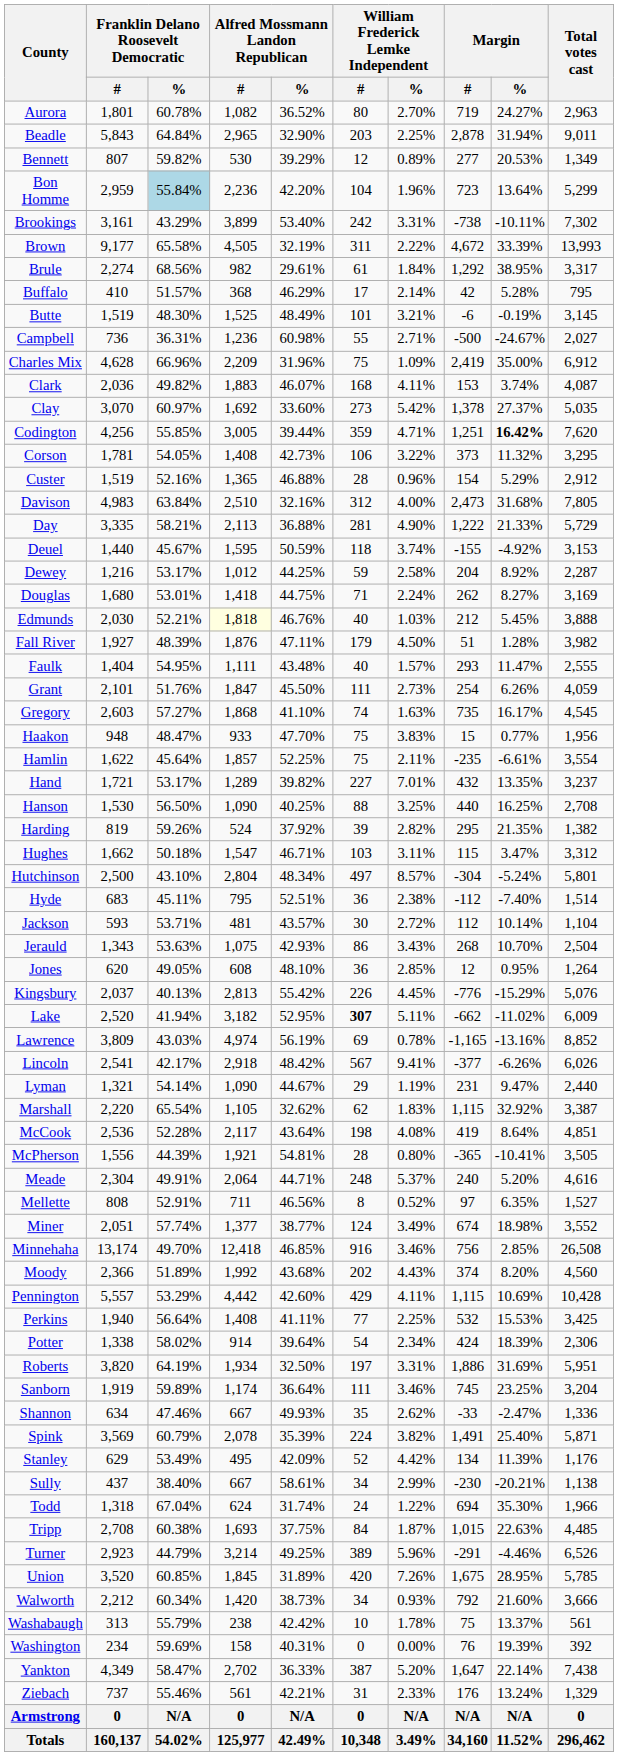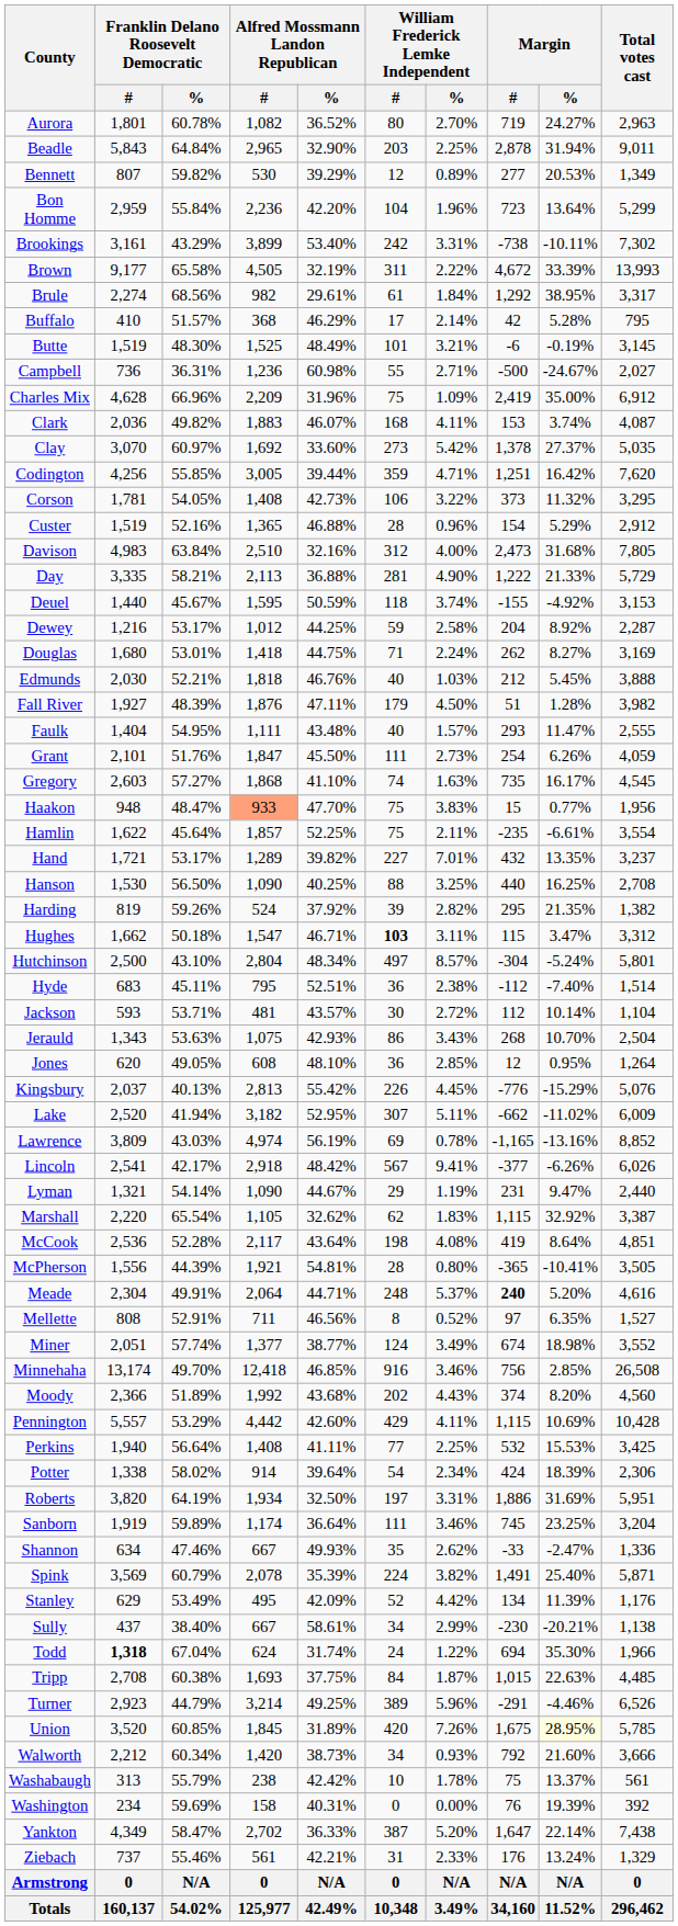 <table class="wikitable sortable" width="75%">
 <tr>
 <th rowspan="2">County</th>
 <th colspan="2">Franklin Delano Roosevelt<br>Democratic</th>
 <th colspan="2">Alfred Mossmann Landon<br>Republican</th>
 <th colspan="2">William Frederick Lemke<br>Independent</th>
 <th colspan="2">Margin</th>
 <th rowspan="2">Total votes cast</th>
 </tr>
 <tr style="text-align:center;">
 <th data-sort-type="number">#</th>
 <th data-sort-type="number">%</th>
 <th data-sort-type="number">#</th>
 <th data-sort-type="number">%</th>
 <th data-sort-type="number">#</th>
 <th data-sort-type="number">%</th>
 <th data-sort-type="number">#</th>
 <th data-sort-type="number">%</th>
 </tr>
 <tr style="text-align:center;">
 <td><a href='#'>Aurora</a></td>
 <td>1,801</td>
 <td>60.78%</td>
 <td>1,082</td>
 <td>36.52%</td>
 <td>80</td>
 <td>2.70%</td>
 <td>719</td>
 <td>24.27%</td>
 <td>2,963</td>
 </tr>
 <tr style="text-align:center;">
 <td><a href='#'>Beadle</a></td>
 <td>5,843</td>
 <td>64.84%</td>
 <td>2,965</td>
 <td>32.90%</td>
 <td>203</td>
 <td>2.25%</td>
 <td>2,878</td>
 <td>31.94%</td>
 <td>9,011</td>
 </tr>
 <tr style="text-align:center;">
 <td><a href='#'>Bennett</a></td>
 <td>807</td>
 <td>59.82%</td>
 <td>530</td>
 <td>39.29%</td>
 <td>12</td>
 <td>0.89%</td>
 <td>277</td>
 <td>20.53%</td>
 <td>1,349</td>
 </tr>
 <tr style="text-align:center;">
 <td><a href='#'>Bon Homme</a></td>
 <td>2,959</td>
-<td style="background: lightblue;">55.84%</td>
+<td>55.84%</td>
 <td>2,236</td>
 <td>42.20%</td>
 <td>104</td>
 <td>1.96%</td>
 <td>723</td>
 <td>13.64%</td>
 <td>5,299</td>
 </tr>
 <tr style="text-align:center;">
 <td><a href='#'>Brookings</a></td>
 <td>3,161</td>
 <td>43.29%</td>
 <td>3,899</td>
 <td>53.40%</td>
 <td>242</td>
 <td>3.31%</td>
 <td>-738</td>
 <td>-10.11%</td>
 <td>7,302</td>
 </tr>
 <tr style="text-align:center;">
 <td><a href='#'>Brown</a></td>
 <td>9,177</td>
 <td>65.58%</td>
 <td>4,505</td>
 <td>32.19%</td>
 <td>311</td>
 <td>2.22%</td>
 <td>4,672</td>
 <td>33.39%</td>
 <td>13,993</td>
 </tr>
 <tr style="text-align:center;">
 <td><a href='#'>Brule</a></td>
 <td>2,274</td>
 <td>68.56%</td>
 <td>982</td>
 <td>29.61%</td>
 <td>61</td>
 <td>1.84%</td>
 <td>1,292</td>
 <td>38.95%</td>
 <td>3,317</td>
 </tr>
 <tr style="text-align:center;">
 <td><a href='#'>Buffalo</a></td>
 <td>410</td>
 <td>51.57%</td>
 <td>368</td>
 <td>46.29%</td>
 <td>17</td>
 <td>2.14%</td>
 <td>42</td>
 <td>5.28%</td>
 <td>795</td>
 </tr>
 <tr style="text-align:center;">
 <td><a href='#'>Butte</a></td>
 <td>1,519</td>
 <td>48.30%</td>
 <td>1,525</td>
 <td>48.49%</td>
 <td>101</td>
 <td>3.21%</td>
 <td>-6</td>
 <td>-0.19%</td>
 <td>3,145</td>
 </tr>
 <tr style="text-align:center;">
 <td><a href='#'>Campbell</a></td>
 <td>736</td>
 <td>36.31%</td>
 <td>1,236</td>
 <td>60.98%</td>
 <td>55</td>
 <td>2.71%</td>
 <td>-500</td>
 <td>-24.67%</td>
 <td>2,027</td>
 </tr>
 <tr style="text-align:center;">
 <td><a href='#'>Charles Mix</a></td>
 <td>4,628</td>
 <td>66.96%</td>
 <td>2,209</td>
 <td>31.96%</td>
 <td>75</td>
 <td>1.09%</td>
 <td>2,419</td>
 <td>35.00%</td>
 <td>6,912</td>
 </tr>
 <tr style="text-align:center;">
 <td><a href='#'>Clark</a></td>
 <td>2,036</td>
 <td>49.82%</td>
 <td>1,883</td>
 <td>46.07%</td>
 <td>168</td>
 <td>4.11%</td>
 <td>153</td>
 <td>3.74%</td>
 <td>4,087</td>
 </tr>
 <tr style="text-align:center;">
 <td><a href='#'>Clay</a></td>
 <td>3,070</td>
 <td>60.97%</td>
 <td>1,692</td>
 <td>33.60%</td>
 <td>273</td>
 <td>5.42%</td>
 <td>1,378</td>
 <td>27.37%</td>
 <td>5,035</td>
 </tr>
 <tr style="text-align:center;">
 <td><a href='#'>Codington</a></td>
 <td>4,256</td>
 <td>55.85%</td>
 <td>3,005</td>
 <td>39.44%</td>
 <td>359</td>
 <td>4.71%</td>
 <td>1,251</td>
-<td><strong>16.42%</strong></td>
+<td>16.42%</td>
 <td>7,620</td>
 </tr>
 <tr style="text-align:center;">
 <td><a href='#'>Corson</a></td>
 <td>1,781</td>
 <td>54.05%</td>
 <td>1,408</td>
 <td>42.73%</td>
 <td>106</td>
 <td>3.22%</td>
 <td>373</td>
 <td>11.32%</td>
 <td>3,295</td>
 </tr>
 <tr style="text-align:center;">
 <td><a href='#'>Custer</a></td>
 <td>1,519</td>
 <td>52.16%</td>
 <td>1,365</td>
 <td>46.88%</td>
 <td>28</td>
 <td>0.96%</td>
 <td>154</td>
 <td>5.29%</td>
 <td>2,912</td>
 </tr>
 <tr style="text-align:center;">
 <td><a href='#'>Davison</a></td>
 <td>4,983</td>
 <td>63.84%</td>
 <td>2,510</td>
 <td>32.16%</td>
 <td>312</td>
 <td>4.00%</td>
 <td>2,473</td>
 <td>31.68%</td>
 <td>7,805</td>
 </tr>
 <tr style="text-align:center;">
 <td><a href='#'>Day</a></td>
 <td>3,335</td>
 <td>58.21%</td>
 <td>2,113</td>
 <td>36.88%</td>
 <td>281</td>
 <td>4.90%</td>
 <td>1,222</td>
 <td>21.33%</td>
 <td>5,729</td>
 </tr>
 <tr style="text-align:center;">
 <td><a href='#'>Deuel</a></td>
 <td>1,440</td>
 <td>45.67%</td>
 <td>1,595</td>
 <td>50.59%</td>
 <td>118</td>
 <td>3.74%</td>
 <td>-155</td>
 <td>-4.92%</td>
 <td>3,153</td>
 </tr>
 <tr style="text-align:center;">
 <td><a href='#'>Dewey</a></td>
 <td>1,216</td>
 <td>53.17%</td>
 <td>1,012</td>
 <td>44.25%</td>
 <td>59</td>
 <td>2.58%</td>
 <td>204</td>
 <td>8.92%</td>
 <td>2,287</td>
 </tr>
 <tr style="text-align:center;">
 <td><a href='#'>Douglas</a></td>
 <td>1,680</td>
 <td>53.01%</td>
 <td>1,418</td>
 <td>44.75%</td>
 <td>71</td>
 <td>2.24%</td>
 <td>262</td>
 <td>8.27%</td>
 <td>3,169</td>
 </tr>
 <tr style="text-align:center;">
 <td><a href='#'>Edmunds</a></td>
 <td>2,030</td>
 <td>52.21%</td>
-<td style="background: lightyellow;">1,818</td>
+<td>1,818</td>
 <td>46.76%</td>
 <td>40</td>
 <td>1.03%</td>
 <td>212</td>
 <td>5.45%</td>
 <td>3,888</td>
 </tr>
 <tr style="text-align:center;">
 <td><a href='#'>Fall River</a></td>
 <td>1,927</td>
 <td>48.39%</td>
 <td>1,876</td>
 <td>47.11%</td>
 <td>179</td>
 <td>4.50%</td>
 <td>51</td>
 <td>1.28%</td>
 <td>3,982</td>
 </tr>
 <tr style="text-align:center;">
 <td><a href='#'>Faulk</a></td>
 <td>1,404</td>
 <td>54.95%</td>
 <td>1,111</td>
 <td>43.48%</td>
 <td>40</td>
 <td>1.57%</td>
 <td>293</td>
 <td>11.47%</td>
 <td>2,555</td>
 </tr>
 <tr style="text-align:center;">
 <td><a href='#'>Grant</a></td>
 <td>2,101</td>
 <td>51.76%</td>
 <td>1,847</td>
 <td>45.50%</td>
 <td>111</td>
 <td>2.73%</td>
 <td>254</td>
 <td>6.26%</td>
 <td>4,059</td>
 </tr>
 <tr style="text-align:center;">
 <td><a href='#'>Gregory</a></td>
 <td>2,603</td>
 <td>57.27%</td>
 <td>1,868</td>
 <td>41.10%</td>
 <td>74</td>
 <td>1.63%</td>
 <td>735</td>
 <td>16.17%</td>
 <td>4,545</td>
 </tr>
 <tr style="text-align:center;">
 <td><a href='#'>Haakon</a></td>
 <td>948</td>
 <td>48.47%</td>
-<td>933</td>
+<td style="background: lightsalmon;">933</td>
 <td>47.70%</td>
 <td>75</td>
 <td>3.83%</td>
 <td>15</td>
 <td>0.77%</td>
 <td>1,956</td>
 </tr>
 <tr style="text-align:center;">
 <td><a href='#'>Hamlin</a></td>
 <td>1,622</td>
 <td>45.64%</td>
 <td>1,857</td>
 <td>52.25%</td>
 <td>75</td>
 <td>2.11%</td>
 <td>-235</td>
 <td>-6.61%</td>
 <td>3,554</td>
 </tr>
 <tr style="text-align:center;">
 <td><a href='#'>Hand</a></td>
 <td>1,721</td>
 <td>53.17%</td>
 <td>1,289</td>
 <td>39.82%</td>
 <td>227</td>
 <td>7.01%</td>
 <td>432</td>
 <td>13.35%</td>
 <td>3,237</td>
 </tr>
 <tr style="text-align:center;">
 <td><a href='#'>Hanson</a></td>
 <td>1,530</td>
 <td>56.50%</td>
 <td>1,090</td>
 <td>40.25%</td>
 <td>88</td>
 <td>3.25%</td>
 <td>440</td>
 <td>16.25%</td>
 <td>2,708</td>
 </tr>
 <tr style="text-align:center;">
 <td><a href='#'>Harding</a></td>
 <td>819</td>
 <td>59.26%</td>
 <td>524</td>
 <td>37.92%</td>
 <td>39</td>
 <td>2.82%</td>
 <td>295</td>
 <td>21.35%</td>
 <td>1,382</td>
 </tr>
 <tr style="text-align:center;">
 <td><a href='#'>Hughes</a></td>
 <td>1,662</td>
 <td>50.18%</td>
 <td>1,547</td>
 <td>46.71%</td>
-<td>103</td>
+<td><strong>103</strong></td>
 <td>3.11%</td>
 <td>115</td>
 <td>3.47%</td>
 <td>3,312</td>
 </tr>
 <tr style="text-align:center;">
 <td><a href='#'>Hutchinson</a></td>
 <td>2,500</td>
 <td>43.10%</td>
 <td>2,804</td>
 <td>48.34%</td>
 <td>497</td>
 <td>8.57%</td>
 <td>-304</td>
 <td>-5.24%</td>
 <td>5,801</td>
 </tr>
 <tr style="text-align:center;">
 <td><a href='#'>Hyde</a></td>
 <td>683</td>
 <td>45.11%</td>
 <td>795</td>
 <td>52.51%</td>
 <td>36</td>
 <td>2.38%</td>
 <td>-112</td>
 <td>-7.40%</td>
 <td>1,514</td>
 </tr>
 <tr style="text-align:center;">
 <td><a href='#'>Jackson</a></td>
 <td>593</td>
 <td>53.71%</td>
 <td>481</td>
 <td>43.57%</td>
 <td>30</td>
 <td>2.72%</td>
 <td>112</td>
 <td>10.14%</td>
 <td>1,104</td>
 </tr>
 <tr style="text-align:center;">
 <td><a href='#'>Jerauld</a></td>
 <td>1,343</td>
 <td>53.63%</td>
 <td>1,075</td>
 <td>42.93%</td>
 <td>86</td>
 <td>3.43%</td>
 <td>268</td>
 <td>10.70%</td>
 <td>2,504</td>
 </tr>
 <tr style="text-align:center;">
 <td><a href='#'>Jones</a></td>
 <td>620</td>
 <td>49.05%</td>
 <td>608</td>
 <td>48.10%</td>
 <td>36</td>
 <td>2.85%</td>
 <td>12</td>
 <td>0.95%</td>
 <td>1,264</td>
 </tr>
 <tr style="text-align:center;">
 <td><a href='#'>Kingsbury</a></td>
 <td>2,037</td>
 <td>40.13%</td>
 <td>2,813</td>
 <td>55.42%</td>
 <td>226</td>
 <td>4.45%</td>
 <td>-776</td>
 <td>-15.29%</td>
 <td>5,076</td>
 </tr>
 <tr style="text-align:center;">
 <td><a href='#'>Lake</a></td>
 <td>2,520</td>
 <td>41.94%</td>
 <td>3,182</td>
 <td>52.95%</td>
-<td><strong>307</strong></td>
+<td>307</td>
 <td>5.11%</td>
 <td>-662</td>
 <td>-11.02%</td>
 <td>6,009</td>
 </tr>
 <tr style="text-align:center;">
 <td><a href='#'>Lawrence</a></td>
 <td>3,809</td>
 <td>43.03%</td>
 <td>4,974</td>
 <td>56.19%</td>
 <td>69</td>
 <td>0.78%</td>
 <td>-1,165</td>
 <td>-13.16%</td>
 <td>8,852</td>
 </tr>
 <tr style="text-align:center;">
 <td><a href='#'>Lincoln</a></td>
 <td>2,541</td>
 <td>42.17%</td>
 <td>2,918</td>
 <td>48.42%</td>
 <td>567</td>
 <td>9.41%</td>
 <td>-377</td>
 <td>-6.26%</td>
 <td>6,026</td>
 </tr>
 <tr style="text-align:center;">
 <td><a href='#'>Lyman</a></td>
 <td>1,321</td>
 <td>54.14%</td>
 <td>1,090</td>
 <td>44.67%</td>
 <td>29</td>
 <td>1.19%</td>
 <td>231</td>
 <td>9.47%</td>
 <td>2,440</td>
 </tr>
 <tr style="text-align:center;">
 <td><a href='#'>Marshall</a></td>
 <td>2,220</td>
 <td>65.54%</td>
 <td>1,105</td>
 <td>32.62%</td>
 <td>62</td>
 <td>1.83%</td>
 <td>1,115</td>
 <td>32.92%</td>
 <td>3,387</td>
 </tr>
 <tr style="text-align:center;">
 <td><a href='#'>McCook</a></td>
 <td>2,536</td>
 <td>52.28%</td>
 <td>2,117</td>
 <td>43.64%</td>
 <td>198</td>
 <td>4.08%</td>
 <td>419</td>
 <td>8.64%</td>
 <td>4,851</td>
 </tr>
 <tr style="text-align:center;">
 <td><a href='#'>McPherson</a></td>
 <td>1,556</td>
 <td>44.39%</td>
 <td>1,921</td>
 <td>54.81%</td>
 <td>28</td>
 <td>0.80%</td>
 <td>-365</td>
 <td>-10.41%</td>
 <td>3,505</td>
 </tr>
 <tr style="text-align:center;">
 <td><a href='#'>Meade</a></td>
 <td>2,304</td>
 <td>49.91%</td>
 <td>2,064</td>
 <td>44.71%</td>
 <td>248</td>
 <td>5.37%</td>
-<td>240</td>
+<td><strong>240</strong></td>
 <td>5.20%</td>
 <td>4,616</td>
 </tr>
 <tr style="text-align:center;">
 <td><a href='#'>Mellette</a></td>
 <td>808</td>
 <td>52.91%</td>
 <td>711</td>
 <td>46.56%</td>
 <td>8</td>
 <td>0.52%</td>
 <td>97</td>
 <td>6.35%</td>
 <td>1,527</td>
 </tr>
 <tr style="text-align:center;">
 <td><a href='#'>Miner</a></td>
 <td>2,051</td>
 <td>57.74%</td>
 <td>1,377</td>
 <td>38.77%</td>
 <td>124</td>
 <td>3.49%</td>
 <td>674</td>
 <td>18.98%</td>
 <td>3,552</td>
 </tr>
 <tr style="text-align:center;">
 <td><a href='#'>Minnehaha</a></td>
 <td>13,174</td>
 <td>49.70%</td>
 <td>12,418</td>
 <td>46.85%</td>
 <td>916</td>
 <td>3.46%</td>
 <td>756</td>
 <td>2.85%</td>
 <td>26,508</td>
 </tr>
 <tr style="text-align:center;">
 <td><a href='#'>Moody</a></td>
 <td>2,366</td>
 <td>51.89%</td>
 <td>1,992</td>
 <td>43.68%</td>
 <td>202</td>
 <td>4.43%</td>
 <td>374</td>
 <td>8.20%</td>
 <td>4,560</td>
 </tr>
 <tr style="text-align:center;">
 <td><a href='#'>Pennington</a></td>
 <td>5,557</td>
 <td>53.29%</td>
 <td>4,442</td>
 <td>42.60%</td>
 <td>429</td>
 <td>4.11%</td>
 <td>1,115</td>
 <td>10.69%</td>
 <td>10,428</td>
 </tr>
 <tr style="text-align:center;">
 <td><a href='#'>Perkins</a></td>
 <td>1,940</td>
 <td>56.64%</td>
 <td>1,408</td>
 <td>41.11%</td>
 <td>77</td>
 <td>2.25%</td>
 <td>532</td>
 <td>15.53%</td>
 <td>3,425</td>
 </tr>
 <tr style="text-align:center;">
 <td><a href='#'>Potter</a></td>
 <td>1,338</td>
 <td>58.02%</td>
 <td>914</td>
 <td>39.64%</td>
 <td>54</td>
 <td>2.34%</td>
 <td>424</td>
 <td>18.39%</td>
 <td>2,306</td>
 </tr>
 <tr style="text-align:center;">
 <td><a href='#'>Roberts</a></td>
 <td>3,820</td>
 <td>64.19%</td>
 <td>1,934</td>
 <td>32.50%</td>
 <td>197</td>
 <td>3.31%</td>
 <td>1,886</td>
 <td>31.69%</td>
 <td>5,951</td>
 </tr>
 <tr style="text-align:center;">
 <td><a href='#'>Sanborn</a></td>
 <td>1,919</td>
 <td>59.89%</td>
 <td>1,174</td>
 <td>36.64%</td>
 <td>111</td>
 <td>3.46%</td>
 <td>745</td>
 <td>23.25%</td>
 <td>3,204</td>
 </tr>
 <tr style="text-align:center;">
 <td><a href='#'>Shannon</a></td>
 <td>634</td>
 <td>47.46%</td>
 <td>667</td>
 <td>49.93%</td>
 <td>35</td>
 <td>2.62%</td>
 <td>-33</td>
 <td>-2.47%</td>
 <td>1,336</td>
 </tr>
 <tr style="text-align:center;">
 <td><a href='#'>Spink</a></td>
 <td>3,569</td>
 <td>60.79%</td>
 <td>2,078</td>
 <td>35.39%</td>
 <td>224</td>
 <td>3.82%</td>
 <td>1,491</td>
 <td>25.40%</td>
 <td>5,871</td>
 </tr>
 <tr style="text-align:center;">
 <td><a href='#'>Stanley</a></td>
 <td>629</td>
 <td>53.49%</td>
 <td>495</td>
 <td>42.09%</td>
 <td>52</td>
 <td>4.42%</td>
 <td>134</td>
 <td>11.39%</td>
 <td>1,176</td>
 </tr>
 <tr style="text-align:center;">
 <td><a href='#'>Sully</a></td>
 <td>437</td>
 <td>38.40%</td>
 <td>667</td>
 <td>58.61%</td>
 <td>34</td>
 <td>2.99%</td>
 <td>-230</td>
 <td>-20.21%</td>
 <td>1,138</td>
 </tr>
 <tr style="text-align:center;">
 <td><a href='#'>Todd</a></td>
-<td>1,318</td>
+<td><strong>1,318</strong></td>
 <td>67.04%</td>
 <td>624</td>
 <td>31.74%</td>
 <td>24</td>
 <td>1.22%</td>
 <td>694</td>
 <td>35.30%</td>
 <td>1,966</td>
 </tr>
 <tr style="text-align:center;">
 <td><a href='#'>Tripp</a></td>
 <td>2,708</td>
 <td>60.38%</td>
 <td>1,693</td>
 <td>37.75%</td>
 <td>84</td>
 <td>1.87%</td>
 <td>1,015</td>
 <td>22.63%</td>
 <td>4,485</td>
 </tr>
 <tr style="text-align:center;">
 <td><a href='#'>Turner</a></td>
 <td>2,923</td>
 <td>44.79%</td>
 <td>3,214</td>
 <td>49.25%</td>
 <td>389</td>
 <td>5.96%</td>
 <td>-291</td>
 <td>-4.46%</td>
 <td>6,526</td>
 </tr>
 <tr style="text-align:center;">
 <td><a href='#'>Union</a></td>
 <td>3,520</td>
 <td>60.85%</td>
 <td>1,845</td>
 <td>31.89%</td>
 <td>420</td>
 <td>7.26%</td>
 <td>1,675</td>
-<td>28.95%</td>
+<td style="background: lightyellow;">28.95%</td>
 <td>5,785</td>
 </tr>
 <tr style="text-align:center;">
 <td><a href='#'>Walworth</a></td>
 <td>2,212</td>
 <td>60.34%</td>
 <td>1,420</td>
 <td>38.73%</td>
 <td>34</td>
 <td>0.93%</td>
 <td>792</td>
 <td>21.60%</td>
 <td>3,666</td>
 </tr>
 <tr style="text-align:center;">
 <td><a href='#'>Washabaugh</a></td>
 <td>313</td>
 <td>55.79%</td>
 <td>238</td>
 <td>42.42%</td>
 <td>10</td>
 <td>1.78%</td>
 <td>75</td>
 <td>13.37%</td>
 <td>561</td>
 </tr>
 <tr style="text-align:center;">
 <td><a href='#'>Washington</a></td>
 <td>234</td>
 <td>59.69%</td>
 <td>158</td>
 <td>40.31%</td>
 <td>0</td>
 <td>0.00%</td>
 <td>76</td>
 <td>19.39%</td>
 <td>392</td>
 </tr>
 <tr style="text-align:center;">
 <td><a href='#'>Yankton</a></td>
 <td>4,349</td>
 <td>58.47%</td>
 <td>2,702</td>
 <td>36.33%</td>
 <td>387</td>
 <td>5.20%</td>
 <td>1,647</td>
 <td>22.14%</td>
 <td>7,438</td>
 </tr>
 <tr style="text-align:center;">
 <td><a href='#'>Ziebach</a></td>
 <td>737</td>
 <td>55.46%</td>
 <td>561</td>
 <td>42.21%</td>
 <td>31</td>
 <td>2.33%</td>
 <td>176</td>
 <td>13.24%</td>
 <td>1,329</td>
 </tr>
 <tr style="text-align:center;">
 <th><a href='#'>Armstrong</a></th>
 <th>0</th>
 <th>N/A</th>
 <th>0</th>
 <th>N/A</th>
 <th>0</th>
 <th>N/A</th>
 <th>N/A</th>
 <th>N/A</th>
 <th>0</th>
 </tr>
 <tr style="text-align:center;">
 <th>Totals</th>
 <th>160,137</th>
 <th>54.02%</th>
 <th>125,977</th>
 <th>42.49%</th>
 <th>10,348</th>
 <th>3.49%</th>
 <th>34,160</th>
 <th>11.52%</th>
 <th>296,462</th>
 </tr>
 </table>
